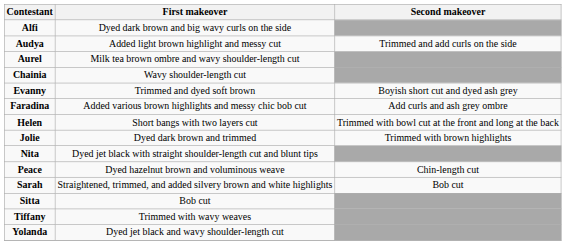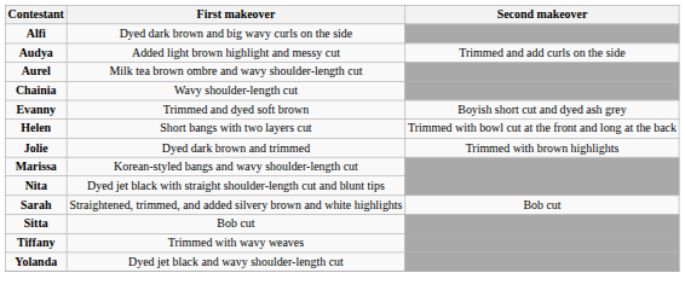 <table class="wikitable" style="text-align:center;">
 <tr>
 <th>Contestant</th>
 <th>First makeover</th>
 <th>Second makeover</th>
 </tr>
 <tr>
 <td><strong>Alfi</strong></td>
 <td>Dyed dark brown and big wavy curls on the side</td>
 <td style="background:darkgray;"></td>
 </tr>
 <tr>
 <td><strong>Audya</strong></td>
 <td>Added light brown highlight and messy cut</td>
 <td>Trimmed and add curls on the side</td>
 </tr>
 <tr>
 <td><strong>Aurel</strong></td>
 <td>Milk tea brown ombre and wavy shoulder-length cut</td>
 <td style="background:darkgray;"></td>
 </tr>
 <tr>
 <td><strong>Chainia</strong></td>
 <td>Wavy shoulder-length cut</td>
 <td style="background:darkgray;"></td>
 </tr>
 <tr>
 <td><strong>Evanny</strong></td>
 <td>Trimmed and dyed soft brown</td>
 <td>Boyish short cut and dyed ash grey</td>
 </tr>
 <tr>
-<td><strong>Faradina</strong></td>
-<td>Added various brown highlights and messy chic bob cut</td>
-<td>Add curls and ash grey ombre</td>
-</tr>
-<tr>
 <td><strong>Helen</strong></td>
 <td>Short bangs with two layers cut</td>
 <td>Trimmed with bowl cut at the front and long at the back</td>
 </tr>
 <tr>
 <td><strong>Jolie</strong></td>
 <td>Dyed dark brown and trimmed</td>
 <td>Trimmed with brown highlights</td>
 </tr>
 <tr>
+<td><strong>Marissa</strong></td>
+<td>Korean-styled bangs and wavy shoulder-length cut</td>
+<td style="background:darkgray;"></td>
+</tr>
+<tr>
 <td><strong>Nita</strong></td>
 <td>Dyed jet black with straight shoulder-length cut and blunt tips</td>
 <td style="background:darkgray;"></td>
-</tr>
-<tr>
-<td><strong>Peace</strong></td>
-<td>Dyed hazelnut brown and voluminous weave</td>
-<td>Chin-length cut</td>
 </tr>
 <tr>
 <td><strong>Sarah</strong></td>
 <td>Straightened, trimmed, and added silvery brown and white highlights</td>
 <td>Bob cut</td>
 </tr>
 <tr>
 <td><strong>Sitta</strong></td>
 <td>Bob cut</td>
 <td style="background:darkgray;"></td>
 </tr>
 <tr>
 <td><strong>Tiffany</strong></td>
 <td>Trimmed with wavy weaves</td>
 <td style="background:darkgray;"></td>
 </tr>
 <tr>
 <td><strong>Yolanda</strong></td>
 <td>Dyed jet black and wavy shoulder-length cut</td>
 <td style="background:darkgray;"></td>
 </tr>
 <tr>
 </tr>
 </table>
